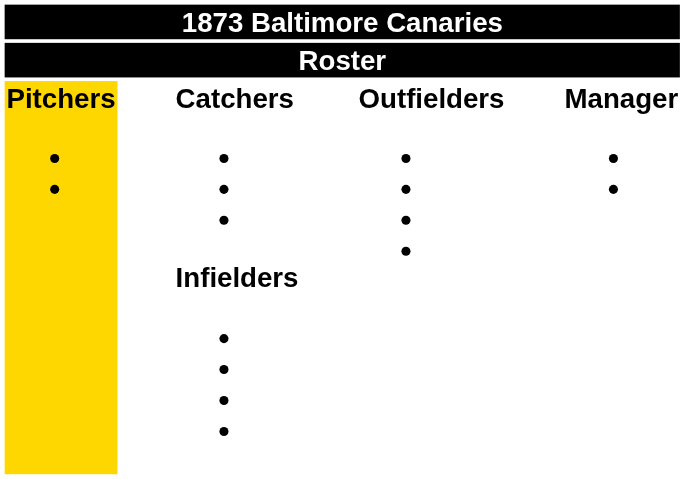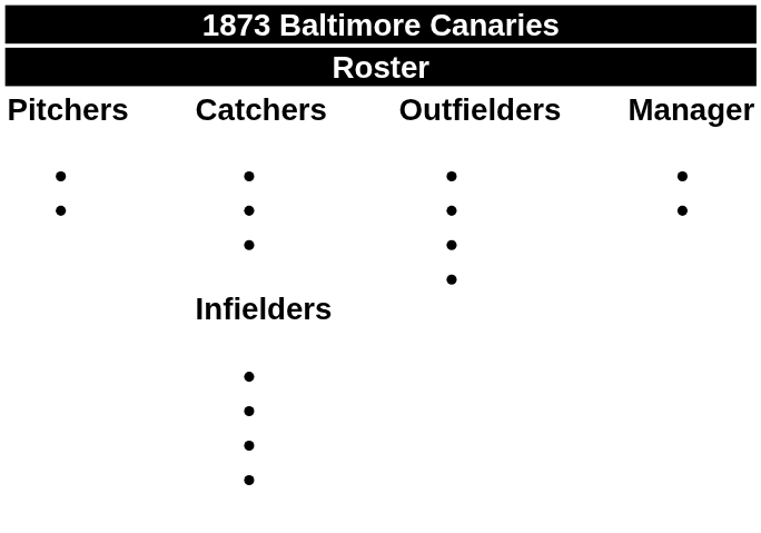 <table class="toccolours" style="font-size: 95%;">
 <tr>
 <th colspan="10" style="background-color: black; color:white; text-align: center;">1873 Baltimore Canaries</th>
 </tr>
 <tr>
 <td colspan="10" style="background-color:black; color: white; text-align: center;"><strong>Roster</strong></td>
 </tr>
 <tr>
-<td valign="top" style="background: gold;"><strong>Pitchers</strong><br><ul><li></li><li></li></ul></td>
+<td valign="top"><strong>Pitchers</strong><br><ul><li></li><li></li></ul></td>
 <td width="25px"></td>
 <td valign="top"><strong>Catchers</strong><br><ul><li></li><li></li><li></li></ul><strong>Infielders</strong><ul><li></li><li></li><li></li><li></li></ul></td>
 <td width="25px"></td>
 <td valign="top"><strong>Outfielders</strong><br><ul><li></li><li></li><li></li><li></li></ul></td>
 <td width="25px"></td>
 <td valign="top"><strong>Manager</strong><br><ul><li></li><li></li></ul></td>
 </tr>
 </table>
